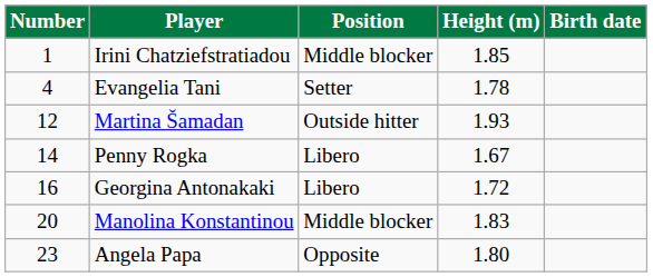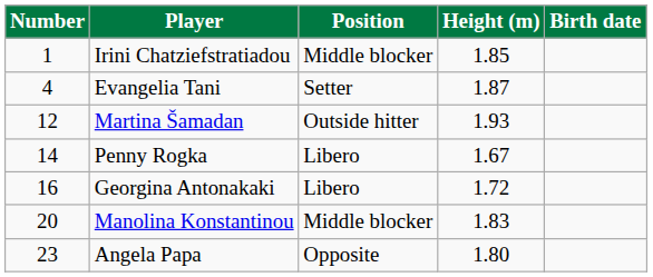 <table class="wikitable sortable" style="font-size:100%; text-align:center;">
 <tr>
 <th style="color:#ffffff; background:#007942;">Number</th>
 <th style="color:#ffffff; background:#007942;">Player</th>
 <th style="color:#ffffff; background:#007942;">Position</th>
 <th style="color:#ffffff; background:#007942;">Height (m)</th>
 <th style="color:#ffffff; background:#007942;">Birth date</th>
 </tr>
 <tr align="left">
 <td align="center">1</td>
 <td> Irini Chatziefstratiadou</td>
 <td>Middle blocker</td>
 <td align="center">1.85</td>
 <td></td>
 </tr>
 <tr align="left">
 <td align="center">4</td>
 <td> Evangelia Tani</td>
 <td>Setter</td>
-<td align="center">1.78</td>
+<td align="center">1.87</td>
 <td></td>
 </tr>
 <tr align="left">
 <td align="center">12</td>
 <td> <a href='#'>Martina Šamadan</a></td>
 <td>Outside hitter</td>
 <td align="center">1.93</td>
 <td></td>
 </tr>
 <tr align="left">
 <td align="center">14</td>
 <td> Penny Rogka</td>
 <td>Libero</td>
 <td align="center">1.67</td>
 <td></td>
 </tr>
 <tr align="left">
 <td align="center">16</td>
 <td> Georgina Antonakaki</td>
 <td>Libero</td>
 <td align="center">1.72</td>
 <td></td>
 </tr>
 <tr align="left">
 <td align="center">20</td>
 <td> <a href='#'>Manolina Konstantinou</a></td>
 <td>Middle blocker</td>
 <td align="center">1.83</td>
 <td></td>
 </tr>
 <tr align="left">
 <td align="center">23</td>
 <td> Angela Papa</td>
 <td>Opposite</td>
 <td align="center">1.80</td>
 <td></td>
 </tr>
 </table>
